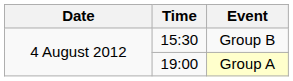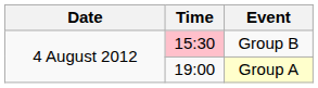 <table class = "wikitable" style="text-align:center;">
 <tr>
 <th width=150>Date</th>
 <th width=50>Time</th>
 <th width=80>Event</th>
 </tr>
 <tr>
 <td rowspan=2>4 August 2012</td>
-<td>15:30</td>
+<td style="background: pink;">15:30</td>
 <td>Group B</td>
 </tr>
 <tr>
 <td>19:00</td>
 <td bgcolor=ffffcc>Group A</td>
 </tr>
 </table>
